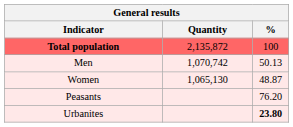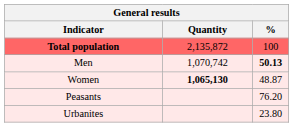 <table class="wikitable" id="cx9" style="text-align:center;clear:all; margin-right:8px; font-size:85%;" width="24%">
 <tr>
 <th colspan="8">General results</th>
 </tr>
 <tr>
 <th width="35%">Indicator</th>
 <th width="20%">Quantity</th>
 <th width="5%">%</th>
 </tr>
 <tr bgcolor="#FF6666">
 <td><strong>Total population</strong></td>
 <td align="center">2,135,872</td>
 <td align="center">100</td>
 </tr>
 <tr bgcolor="#FFE8E8">
 <td>Men</td>
 <td align="center">1,070,742</td>
-<td align="center">50.13</td>
+<td align="center"><strong>50.13</strong></td>
 </tr>
 <tr bgcolor="#FFE8E8">
 <td>Women</td>
-<td align="center">1,065,130</td>
+<td align="center"><strong>1,065,130</strong></td>
 <td align="center">48.87</td>
 </tr>
 <tr bgcolor="#FFE8E8">
 <td>Peasants</td>
 <td align="center"></td>
 <td align="center">76.20</td>
 </tr>
 <tr bgcolor="#FFE8E8">
 <td>Urbanites</td>
 <td align="center"></td>
-<td align="center"><strong>23.80</strong></td>
+<td align="center">23.80</td>
 </tr>
 </table>
